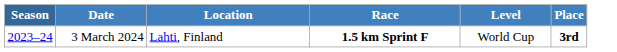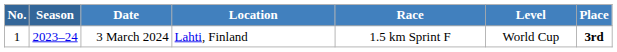 <table class="wikitable sortable" style="font-size:95%; text-align:center; border:grey solid 1px; border-collapse:collapse; background:#ffffff;">
 <tr style="background:#efefef;">
+<th style="background-color:#369; color:white;">No.</th>
 <th style="background-color:#369; color:white;">Season</th>
 <th style="background-color:#4180be; color:white; width:100px;">Date</th>
 <th style="background-color:#4180be; color:white; width:185px;">Location</th>
 <th style="background-color:#4180be; color:white; width:170px;">Race</th>
 <th style="background-color:#4180be; color:white; width:100px;">Level</th>
 <th style="background-color:#4180be; color:white;">Place</th>
 </tr>
 <tr>
+<td align=center>1</td>
 <td rowspan=1 align=center><a href='#'>2023–24</a></td>
 <td align=right>3 March 2024</td>
 <td align=left> <a href='#'>Lahti</a>, Finland</td>
-<td><strong>1.5 km Sprint F</strong></td>
+<td>1.5 km Sprint F</td>
 <td>World Cup</td>
 <td><strong>3rd</strong></td>
 </tr>
 </table>
